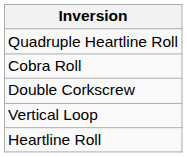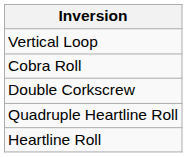 <table class="wikitable">
 <tr>
 <th>Inversion</th>
 </tr>
 <tr>
-<td>Quadruple Heartline Roll</td>
+<td>Vertical Loop</td>
 </tr>
 <tr>
 <td>Cobra Roll</td>
 </tr>
 <tr>
 <td>Double Corkscrew</td>
 </tr>
 <tr>
-<td>Vertical Loop</td>
+<td>Quadruple Heartline Roll</td>
 </tr>
 <tr>
 <td>Heartline Roll</td>
 </tr>
 </table>
